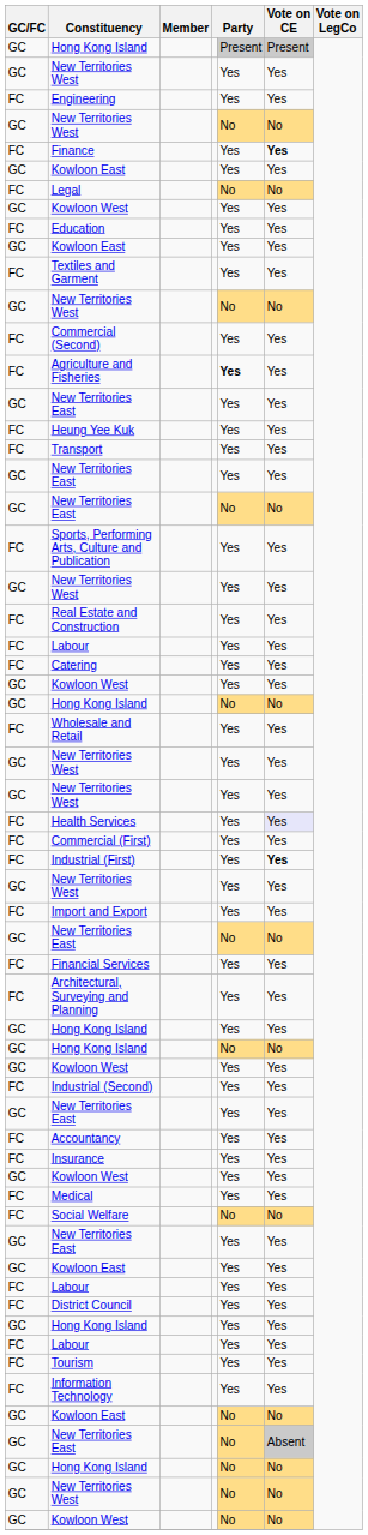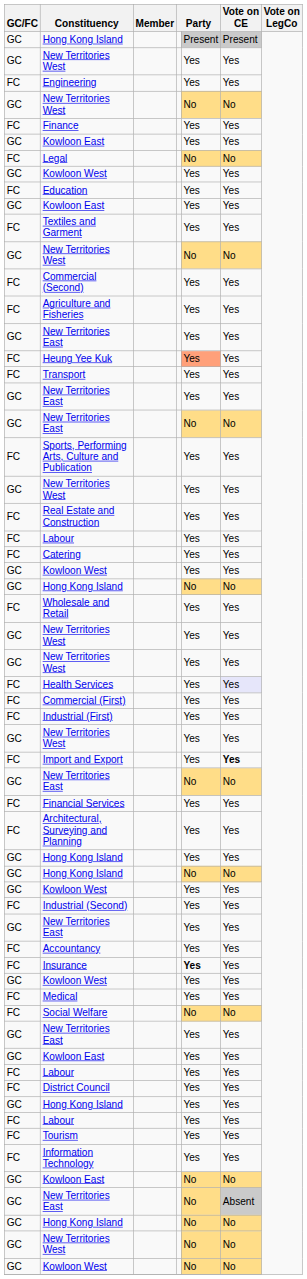 <table class="wikitable sortable">
 <tr valign=bottom>
 <th>GC/FC</th>
 <th width="140px">Constituency</th>
 <th>Member</th>
 <th colspan=2>Party</th>
 <th>Vote on<br>CE</th>
 <th>Vote on<br>LegCo</th>
 </tr>
 <tr>
 <td>GC</td>
 <td><a href='#'>Hong Kong Island</a></td>
 <td></td>
 <td></td>
 <td bgcolor=cacaca>Present</td>
 <td bgcolor=cacaca>Present</td>
 </tr>
 <tr>
 <td>GC</td>
 <td><a href='#'>New Territories West</a></td>
 <td></td>
 <td></td>
 <td> Yes</td>
 <td> Yes</td>
 </tr>
 <tr>
 <td>FC</td>
 <td><a href='#'>Engineering</a></td>
 <td></td>
 <td></td>
 <td> Yes</td>
 <td> Yes</td>
 </tr>
 <tr>
 <td>GC</td>
 <td><a href='#'>New Territories West</a></td>
 <td></td>
 <td></td>
 <td style="background:#ffdd88;"> No</td>
 <td style="background:#ffdd88;"> No</td>
 </tr>
 <tr>
 <td>FC</td>
 <td><a href='#'>Finance</a></td>
 <td></td>
 <td></td>
 <td> Yes</td>
-<td><strong> Yes</strong></td>
+<td> Yes</td>
 </tr>
 <tr>
 <td>GC</td>
 <td><a href='#'>Kowloon East</a></td>
 <td></td>
 <td></td>
 <td> Yes</td>
 <td> Yes</td>
 </tr>
 <tr>
 <td>FC</td>
 <td><a href='#'>Legal</a></td>
 <td></td>
 <td></td>
 <td style="background:#ffdd88;"> No</td>
 <td style="background:#ffdd88;"> No</td>
 </tr>
 <tr>
 <td>GC</td>
 <td><a href='#'>Kowloon West</a></td>
 <td></td>
 <td></td>
 <td> Yes</td>
 <td> Yes</td>
 </tr>
 <tr>
 <td>FC</td>
 <td><a href='#'>Education</a></td>
 <td></td>
 <td></td>
 <td> Yes</td>
 <td> Yes</td>
 </tr>
 <tr>
 <td>GC</td>
 <td><a href='#'>Kowloon East</a></td>
 <td></td>
 <td></td>
 <td> Yes</td>
 <td> Yes</td>
 </tr>
 <tr>
 <td>FC</td>
 <td><a href='#'>Textiles and Garment</a></td>
 <td></td>
 <td></td>
 <td> Yes</td>
 <td> Yes</td>
 </tr>
 <tr>
 <td>GC</td>
 <td><a href='#'>New Territories West</a></td>
 <td></td>
 <td></td>
 <td style="background:#ffdd88;"> No</td>
 <td style="background:#ffdd88;"> No</td>
 </tr>
 <tr>
 <td>FC</td>
 <td><a href='#'>Commercial (Second)</a></td>
 <td></td>
 <td></td>
 <td> Yes</td>
 <td> Yes</td>
 </tr>
 <tr>
 <td>FC</td>
 <td><a href='#'>Agriculture and Fisheries</a></td>
 <td></td>
 <td></td>
-<td><strong> Yes</strong></td>
+<td> Yes</td>
 <td> Yes</td>
 </tr>
 <tr>
 <td>GC</td>
 <td><a href='#'>New Territories East</a></td>
 <td></td>
 <td></td>
 <td> Yes</td>
 <td> Yes</td>
 </tr>
 <tr>
 <td>FC</td>
 <td><a href='#'>Heung Yee Kuk</a></td>
 <td></td>
 <td></td>
-<td> Yes</td>
+<td style="background: lightsalmon;"> Yes</td>
 <td> Yes</td>
 </tr>
 <tr>
 <td>FC</td>
 <td><a href='#'>Transport</a></td>
 <td></td>
 <td></td>
 <td> Yes</td>
 <td> Yes</td>
 </tr>
 <tr>
 <td>GC</td>
 <td><a href='#'>New Territories East</a></td>
 <td></td>
 <td></td>
 <td> Yes</td>
 <td> Yes</td>
 </tr>
 <tr>
 <td>GC</td>
 <td><a href='#'>New Territories East</a></td>
 <td></td>
 <td></td>
 <td style="background:#ffdd88;"> No</td>
 <td style="background:#ffdd88;"> No</td>
 </tr>
 <tr>
 <td>FC</td>
 <td><a href='#'>Sports, Performing Arts, Culture and Publication</a></td>
 <td></td>
 <td></td>
 <td> Yes</td>
 <td> Yes</td>
 </tr>
 <tr>
 <td>GC</td>
 <td><a href='#'>New Territories West</a></td>
 <td></td>
 <td></td>
 <td> Yes</td>
 <td> Yes</td>
 </tr>
 <tr>
 <td>FC</td>
 <td><a href='#'>Real Estate and Construction</a></td>
 <td></td>
 <td></td>
 <td> Yes</td>
 <td> Yes</td>
 </tr>
 <tr>
 <td>FC</td>
 <td><a href='#'>Labour</a></td>
 <td></td>
 <td></td>
 <td> Yes</td>
 <td> Yes</td>
 </tr>
 <tr>
 <td>FC</td>
 <td><a href='#'>Catering</a></td>
 <td></td>
 <td></td>
 <td> Yes</td>
 <td> Yes</td>
 </tr>
 <tr>
 <td>GC</td>
 <td><a href='#'>Kowloon West</a></td>
 <td></td>
 <td></td>
 <td> Yes</td>
 <td> Yes</td>
 </tr>
 <tr>
 <td>GC</td>
 <td><a href='#'>Hong Kong Island</a></td>
 <td></td>
 <td></td>
 <td style="background:#ffdd88;"> No</td>
 <td style="background:#ffdd88;"> No</td>
 </tr>
 <tr>
 <td>FC</td>
 <td><a href='#'>Wholesale and Retail</a></td>
 <td></td>
 <td></td>
 <td> Yes</td>
 <td> Yes</td>
 </tr>
 <tr>
 <td>GC</td>
 <td><a href='#'>New Territories West</a></td>
 <td></td>
 <td></td>
 <td> Yes</td>
 <td> Yes</td>
 </tr>
 <tr>
 <td>GC</td>
 <td><a href='#'>New Territories West</a></td>
 <td></td>
 <td></td>
 <td> Yes</td>
 <td> Yes</td>
 </tr>
 <tr>
 <td>FC</td>
 <td><a href='#'>Health Services</a></td>
 <td></td>
 <td></td>
 <td> Yes</td>
 <td style="background: lavender;"> Yes</td>
 </tr>
 <tr>
 <td>FC</td>
 <td><a href='#'>Commercial (First)</a></td>
 <td></td>
 <td></td>
 <td> Yes</td>
 <td> Yes</td>
 </tr>
 <tr>
 <td>FC</td>
 <td><a href='#'>Industrial (First)</a></td>
 <td></td>
 <td></td>
 <td> Yes</td>
-<td><strong> Yes</strong></td>
+<td> Yes</td>
 </tr>
 <tr>
 <td>GC</td>
 <td><a href='#'>New Territories West</a></td>
 <td></td>
 <td></td>
 <td> Yes</td>
 <td> Yes</td>
 </tr>
 <tr>
 <td>FC</td>
 <td><a href='#'>Import and Export</a></td>
 <td></td>
 <td></td>
 <td> Yes</td>
-<td> Yes</td>
+<td><strong> Yes</strong></td>
 </tr>
 <tr>
 <td>GC</td>
 <td><a href='#'>New Territories East</a></td>
 <td></td>
 <td></td>
 <td style="background:#ffdd88;"> No</td>
 <td style="background:#ffdd88;"> No</td>
 </tr>
 <tr>
 <td>FC</td>
 <td><a href='#'>Financial Services</a></td>
 <td></td>
 <td></td>
 <td> Yes</td>
 <td> Yes</td>
 </tr>
 <tr>
 <td>FC</td>
 <td><a href='#'>Architectural, Surveying and Planning</a></td>
 <td></td>
 <td></td>
 <td> Yes</td>
 <td> Yes</td>
 </tr>
 <tr>
 <td>GC</td>
 <td><a href='#'>Hong Kong Island</a></td>
 <td></td>
 <td></td>
 <td> Yes</td>
 <td> Yes</td>
 </tr>
 <tr>
 <td>GC</td>
 <td><a href='#'>Hong Kong Island</a></td>
 <td></td>
 <td></td>
 <td style="background:#ffdd88;"> No</td>
 <td style="background:#ffdd88;"> No</td>
 </tr>
 <tr>
 <td>GC</td>
 <td><a href='#'>Kowloon West</a></td>
 <td></td>
 <td></td>
 <td> Yes</td>
 <td> Yes</td>
 </tr>
 <tr>
 <td>FC</td>
 <td><a href='#'>Industrial (Second)</a></td>
 <td></td>
 <td></td>
 <td> Yes</td>
 <td> Yes</td>
 </tr>
 <tr>
 <td>GC</td>
 <td><a href='#'>New Territories East</a></td>
 <td></td>
 <td></td>
 <td> Yes</td>
 <td> Yes</td>
 </tr>
 <tr>
 <td>FC</td>
 <td><a href='#'>Accountancy</a></td>
 <td></td>
 <td></td>
 <td> Yes</td>
 <td> Yes</td>
 </tr>
 <tr>
 <td>FC</td>
 <td><a href='#'>Insurance</a></td>
 <td></td>
 <td></td>
-<td> Yes</td>
+<td><strong> Yes</strong></td>
 <td> Yes</td>
 </tr>
 <tr>
 <td>GC</td>
 <td><a href='#'>Kowloon West</a></td>
 <td></td>
 <td></td>
 <td> Yes</td>
 <td> Yes</td>
 </tr>
 <tr>
 <td>FC</td>
 <td><a href='#'>Medical</a></td>
 <td></td>
 <td></td>
 <td> Yes</td>
 <td> Yes</td>
 </tr>
 <tr>
 <td>FC</td>
 <td><a href='#'>Social Welfare</a></td>
 <td></td>
 <td></td>
 <td style="background:#ffdd88;"> No</td>
 <td style="background:#ffdd88;"> No</td>
 </tr>
 <tr>
 <td>GC</td>
 <td><a href='#'>New Territories East</a></td>
 <td></td>
 <td></td>
 <td> Yes</td>
 <td> Yes</td>
 </tr>
 <tr>
 <td>GC</td>
 <td><a href='#'>Kowloon East</a></td>
 <td></td>
 <td></td>
 <td> Yes</td>
 <td> Yes</td>
 </tr>
 <tr>
 <td>FC</td>
 <td><a href='#'>Labour</a></td>
 <td></td>
 <td></td>
 <td> Yes</td>
 <td> Yes</td>
 </tr>
 <tr>
 <td>FC</td>
 <td><a href='#'>District Council</a></td>
 <td></td>
 <td></td>
 <td> Yes</td>
 <td> Yes</td>
 </tr>
 <tr>
 <td>GC</td>
 <td><a href='#'>Hong Kong Island</a></td>
 <td></td>
 <td></td>
 <td> Yes</td>
 <td> Yes</td>
 </tr>
 <tr>
 <td>FC</td>
 <td><a href='#'>Labour</a></td>
 <td></td>
 <td></td>
 <td> Yes</td>
 <td> Yes</td>
 </tr>
 <tr>
 <td>FC</td>
 <td><a href='#'>Tourism</a></td>
 <td></td>
 <td></td>
 <td> Yes</td>
 <td> Yes</td>
 </tr>
 <tr>
 <td>FC</td>
 <td><a href='#'>Information Technology</a></td>
 <td></td>
 <td></td>
 <td> Yes</td>
 <td> Yes</td>
 </tr>
 <tr>
 <td>GC</td>
 <td><a href='#'>Kowloon East</a></td>
 <td></td>
 <td></td>
 <td style="background:#ffdd88;"> No</td>
 <td style="background:#ffdd88;"> No</td>
 </tr>
 <tr>
 <td>GC</td>
 <td><a href='#'>New Territories East</a></td>
 <td></td>
 <td></td>
 <td style="background:#ffdd88;"> No</td>
 <td bgcolor=cacaca>Absent</td>
 </tr>
 <tr>
 <td>GC</td>
 <td><a href='#'>Hong Kong Island</a></td>
 <td></td>
 <td></td>
 <td style="background:#ffdd88;"> No</td>
 <td style="background:#ffdd88;"> No</td>
 </tr>
 <tr>
 <td>GC</td>
 <td><a href='#'>New Territories West</a></td>
 <td></td>
 <td></td>
 <td style="background:#ffdd88;"> No</td>
 <td style="background:#ffdd88;"> No</td>
 </tr>
 <tr>
 <td>GC</td>
 <td><a href='#'>Kowloon West</a></td>
 <td></td>
 <td></td>
 <td style="background:#ffdd88;"> No</td>
 <td style="background:#ffdd88;"> No</td>
 </tr>
 <tr>
 </tr>
 </table>
